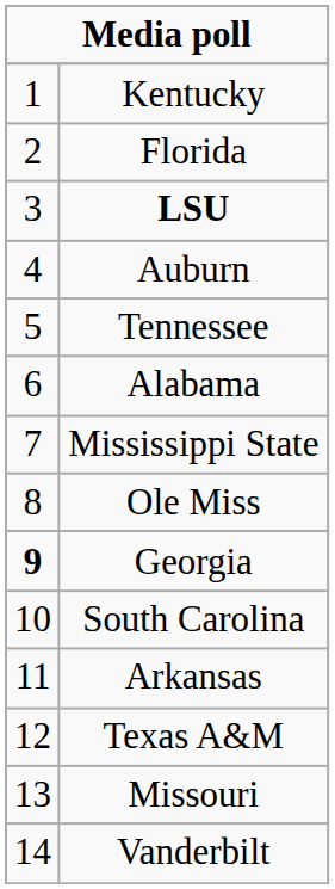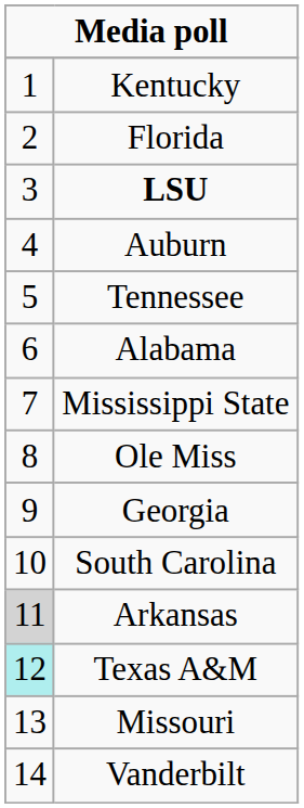 <table class="wikitable">
 <tr align="center">
 <td align="center" Colspan="3"><strong>Media poll</strong></td>
 </tr>
 <tr align="center">
 </tr>
 <tr align="center">
 <td>1</td>
 <td>Kentucky</td>
 </tr>
 <tr align="center">
 <td>2</td>
 <td>Florida</td>
 </tr>
 <tr align="center">
 <td>3</td>
 <td><strong>LSU</strong></td>
 </tr>
 <tr align="center">
 <td>4</td>
 <td>Auburn</td>
 </tr>
 <tr align="center">
 <td>5</td>
 <td>Tennessee</td>
 </tr>
 <tr align="center">
 <td>6</td>
 <td>Alabama</td>
 </tr>
 <tr align="center">
 <td>7</td>
 <td>Mississippi State</td>
 </tr>
 <tr align="center">
 <td>8</td>
 <td>Ole Miss</td>
 </tr>
 <tr align="center">
-<td><strong>9</strong></td>
+<td>9</td>
 <td>Georgia</td>
 </tr>
 <tr align="center">
 <td>10</td>
 <td>South Carolina</td>
 </tr>
 <tr align="center">
-<td>11</td>
+<td style="background: lightgrey;">11</td>
 <td>Arkansas</td>
 </tr>
 <tr align="center">
-<td>12</td>
+<td style="background: paleturquoise;">12</td>
 <td>Texas A&M</td>
 </tr>
 <tr align="center">
 <td>13</td>
 <td>Missouri</td>
 </tr>
 <tr align="center">
 <td>14</td>
 <td>Vanderbilt</td>
 </tr>
 </table>
